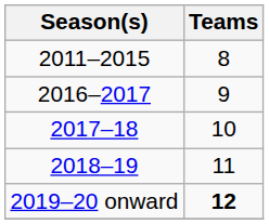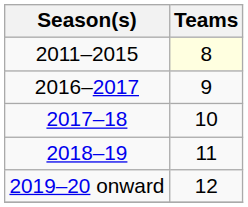 <table class="wikitable floatright" style="text-align: center;">
 <tr bgcolor="dddddd">
 <th>Season(s)</th>
 <th>Teams</th>
 </tr>
 <tr>
 <td>2011–2015</td>
-<td>8</td>
+<td style="background: lightyellow;">8</td>
 </tr>
 <tr>
 <td>2016–<a href='#'>2017</a></td>
 <td>9</td>
 </tr>
 <tr>
 <td><a href='#'>2017–18</a></td>
 <td>10</td>
 </tr>
 <tr>
 <td><a href='#'>2018–19</a></td>
 <td>11</td>
 </tr>
 <tr>
 <td><a href='#'>2019–20</a> onward</td>
-<td><strong>12</strong></td>
+<td>12</td>
 </tr>
 <tr>
 </tr>
 </table>
